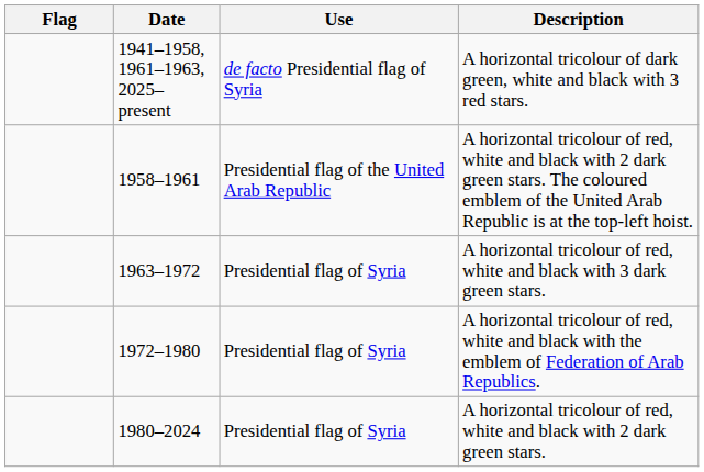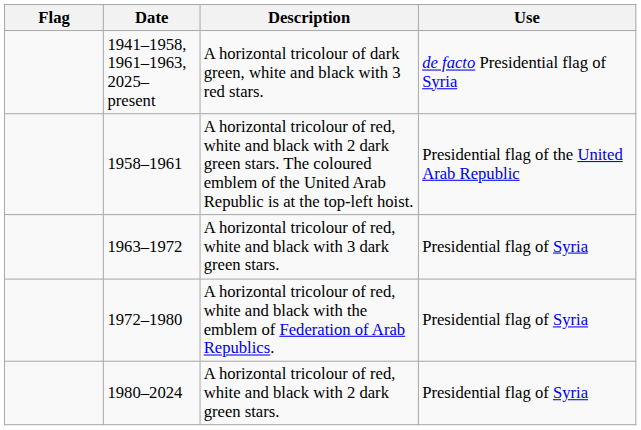 <table class="wikitable">
 <tr>
 <th style="width:110px;">Flag</th>
 <th style="width:100px;">Date</th>
+<th style="width:250px;">Description</th>
 <th style="width:250px;">Use</th>
-<th style="width:250px;">Description</th>
 </tr>
 <tr>
 <td></td>
 <td>1941–1958, 1961–1963, 2025–present</td>
+<td>A horizontal tricolour of dark green, white and black with 3 red stars.</td>
 <td><em><a href='#'>de facto</a></em> Presidential flag of <a href='#'>Syria</a></td>
-<td>A horizontal tricolour of dark green, white and black with 3 red stars.</td>
 </tr>
 <tr>
 <td></td>
 <td>1958–1961</td>
+<td>A horizontal tricolour of red, white and black with 2 dark green stars. The coloured emblem of the United Arab Republic is at the top-left hoist.</td>
 <td>Presidential flag of the <a href='#'>United Arab Republic</a></td>
-<td>A horizontal tricolour of red, white and black with 2 dark green stars. The coloured emblem of the United Arab Republic is at the top-left hoist.</td>
 </tr>
 <tr>
 <td></td>
 <td>1963–1972</td>
+<td>A horizontal tricolour of red, white and black with 3 dark green stars.</td>
 <td>Presidential flag of <a href='#'>Syria</a></td>
-<td>A horizontal tricolour of red, white and black with 3 dark green stars.</td>
 </tr>
 <tr>
 <td></td>
 <td>1972–1980</td>
+<td>A horizontal tricolour of red, white and black with the emblem of <a href='#'>Federation of Arab Republics</a>.</td>
 <td>Presidential flag of <a href='#'>Syria</a></td>
-<td>A horizontal tricolour of red, white and black with the emblem of <a href='#'>Federation of Arab Republics</a>.</td>
 </tr>
 <tr>
 <td></td>
 <td>1980–2024</td>
+<td>A horizontal tricolour of red, white and black with 2 dark green stars.</td>
 <td>Presidential flag of <a href='#'>Syria</a></td>
-<td>A horizontal tricolour of red, white and black with 2 dark green stars.</td>
 </tr>
 </table>
